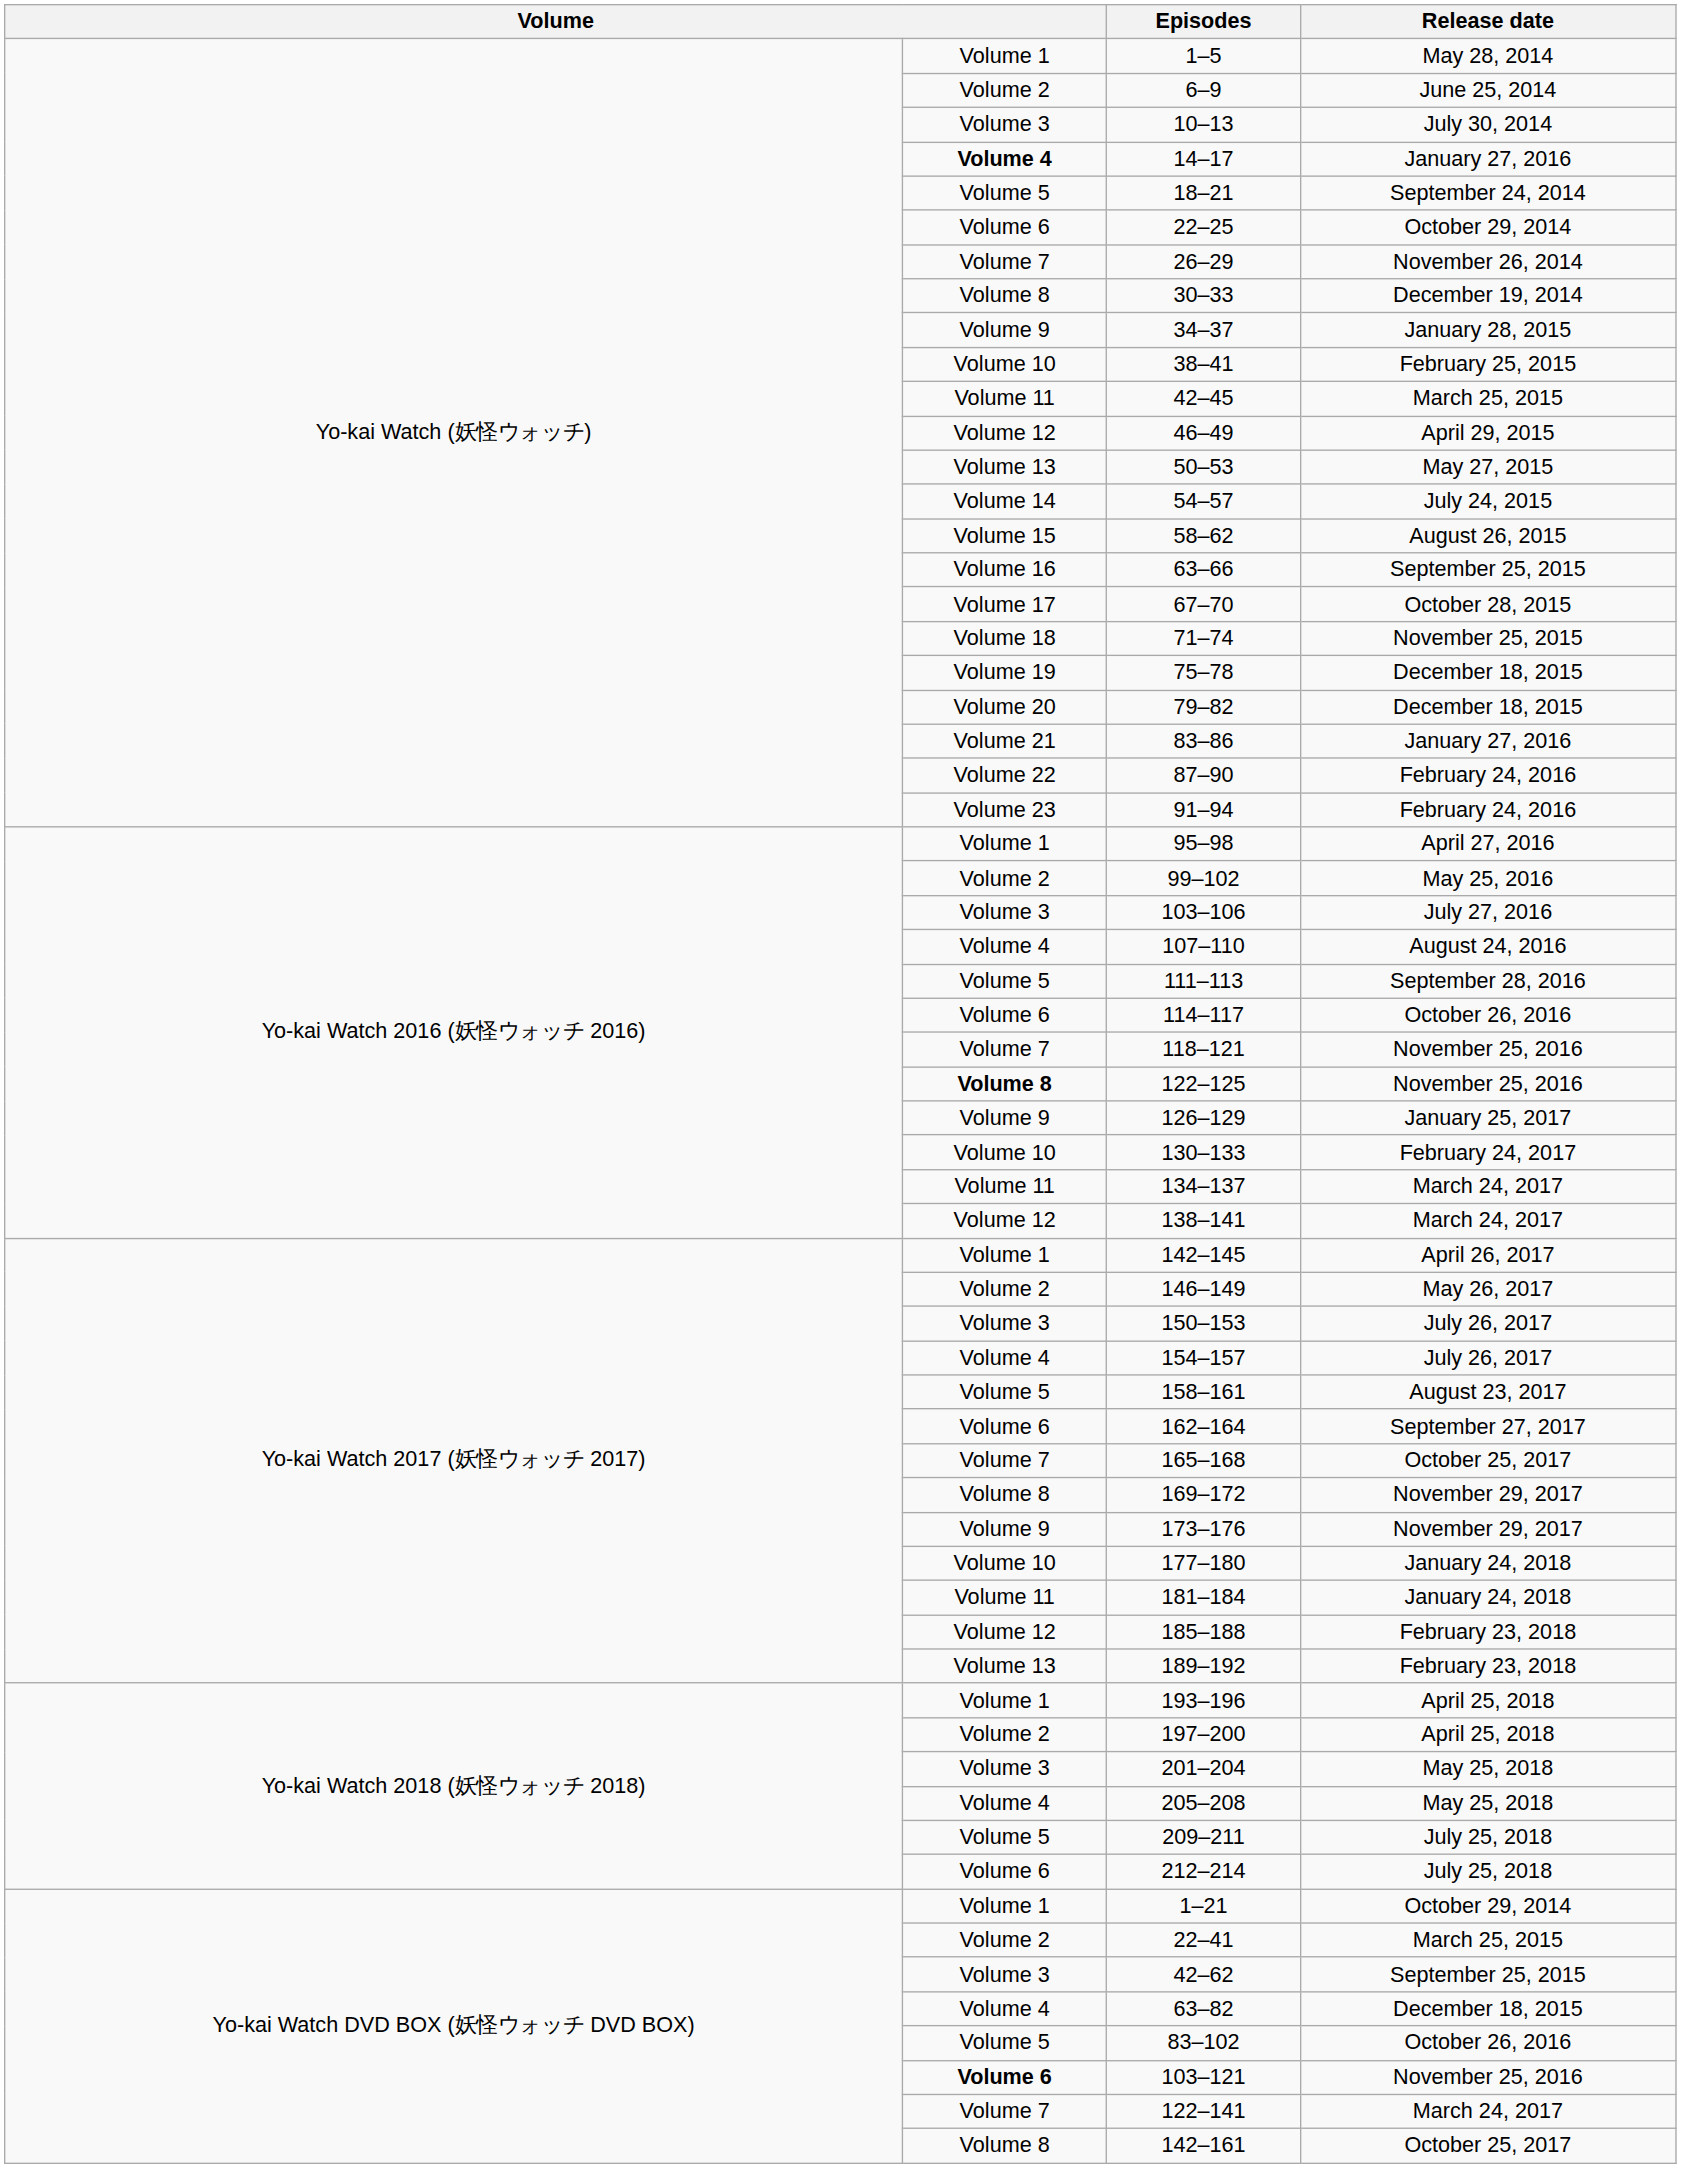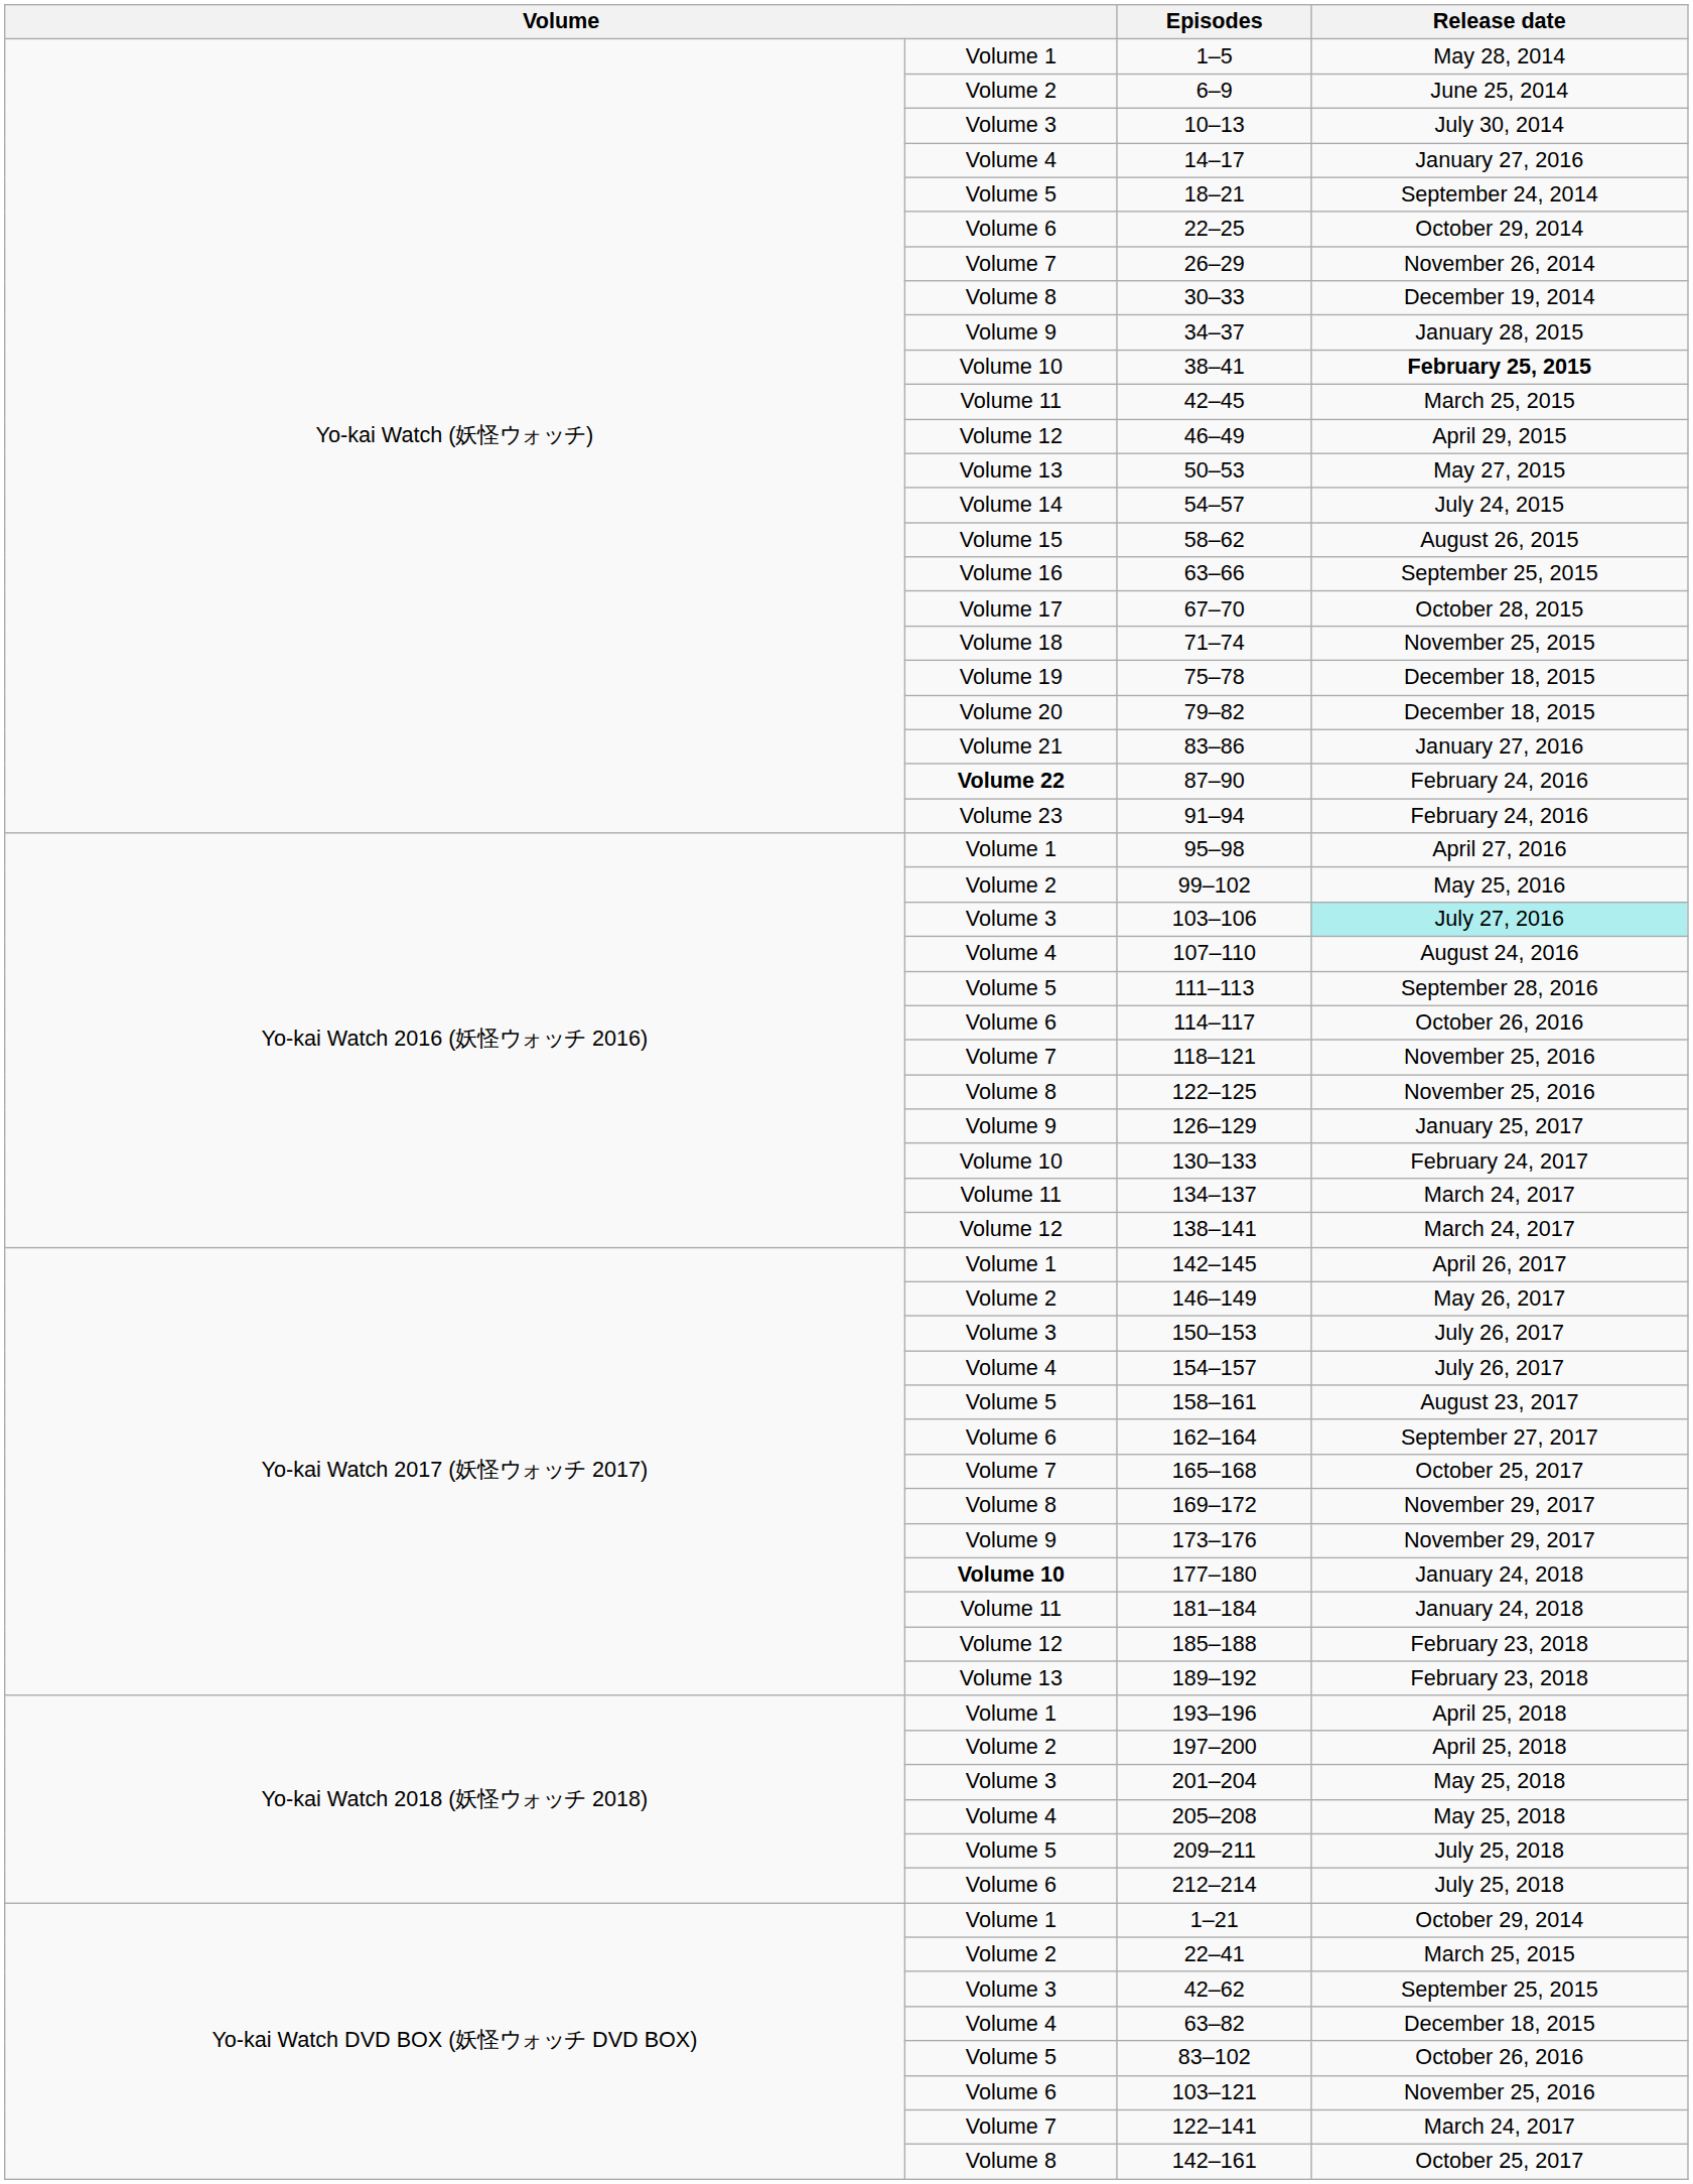 <table class="wikitable" style="text-align: center; width: 98%;">
 <tr>
 <th colspan="2">Volume</th>
 <th>Episodes</th>
 <th>Release date</th>
 </tr>
 <tr>
 <td rowspan="23">Yo-kai Watch (妖怪ウォッチ)</td>
 <td>Volume 1</td>
 <td>1–5</td>
 <td>May 28, 2014</td>
 </tr>
 <tr>
 <td>Volume 2</td>
 <td>6–9</td>
 <td>June 25, 2014</td>
 </tr>
 <tr>
 <td>Volume 3</td>
 <td>10–13</td>
 <td>July 30, 2014</td>
 </tr>
 <tr>
-<td><strong>Volume 4</strong></td>
+<td>Volume 4</td>
 <td>14–17</td>
 <td>January 27, 2016</td>
 </tr>
 <tr>
 <td>Volume 5</td>
 <td>18–21</td>
 <td>September 24, 2014</td>
 </tr>
 <tr>
 <td>Volume 6</td>
 <td>22–25</td>
 <td>October 29, 2014</td>
 </tr>
 <tr>
 <td>Volume 7</td>
 <td>26–29</td>
 <td>November 26, 2014</td>
 </tr>
 <tr>
 <td>Volume 8</td>
 <td>30–33</td>
 <td>December 19, 2014</td>
 </tr>
 <tr>
 <td>Volume 9</td>
 <td>34–37</td>
 <td>January 28, 2015</td>
 </tr>
 <tr>
 <td>Volume 10</td>
 <td>38–41</td>
-<td>February 25, 2015</td>
+<td><strong>February 25, 2015</strong></td>
 </tr>
 <tr>
 <td>Volume 11</td>
 <td>42–45</td>
 <td>March 25, 2015</td>
 </tr>
 <tr>
 <td>Volume 12</td>
 <td>46–49</td>
 <td>April 29, 2015</td>
 </tr>
 <tr>
 <td>Volume 13</td>
 <td>50–53</td>
 <td>May 27, 2015</td>
 </tr>
 <tr>
 <td>Volume 14</td>
 <td>54–57</td>
 <td>July 24, 2015</td>
 </tr>
 <tr>
 <td>Volume 15</td>
 <td>58–62</td>
 <td>August 26, 2015</td>
 </tr>
 <tr>
 <td>Volume 16</td>
 <td>63–66</td>
 <td>September 25, 2015</td>
 </tr>
 <tr>
 <td>Volume 17</td>
 <td>67–70</td>
 <td>October 28, 2015</td>
 </tr>
 <tr>
 <td>Volume 18</td>
 <td>71–74</td>
 <td>November 25, 2015</td>
 </tr>
 <tr>
 <td>Volume 19</td>
 <td>75–78</td>
 <td>December 18, 2015</td>
 </tr>
 <tr>
 <td>Volume 20</td>
 <td>79–82</td>
 <td>December 18, 2015</td>
 </tr>
 <tr>
 <td>Volume 21</td>
 <td>83–86</td>
 <td>January 27, 2016</td>
 </tr>
 <tr>
-<td>Volume 22</td>
+<td><strong>Volume 22</strong></td>
 <td>87–90</td>
 <td>February 24, 2016</td>
 </tr>
 <tr>
 <td>Volume 23</td>
 <td>91–94</td>
 <td>February 24, 2016</td>
 </tr>
 <tr>
 <td rowspan="12">Yo-kai Watch 2016 (妖怪ウォッチ 2016)</td>
 <td>Volume 1</td>
 <td>95–98</td>
 <td>April 27, 2016</td>
 </tr>
 <tr>
 <td>Volume 2</td>
 <td>99–102</td>
 <td>May 25, 2016</td>
 </tr>
 <tr>
 <td>Volume 3</td>
 <td>103–106</td>
-<td>July 27, 2016</td>
+<td style="background: paleturquoise;">July 27, 2016</td>
 </tr>
 <tr>
 <td>Volume 4</td>
 <td>107–110</td>
 <td>August 24, 2016</td>
 </tr>
 <tr>
 <td>Volume 5</td>
 <td>111–113</td>
 <td>September 28, 2016</td>
 </tr>
 <tr>
 <td>Volume 6</td>
 <td>114–117</td>
 <td>October 26, 2016</td>
 </tr>
 <tr>
 <td>Volume 7</td>
 <td>118–121</td>
 <td>November 25, 2016</td>
 </tr>
 <tr>
-<td><strong>Volume 8</strong></td>
+<td>Volume 8</td>
 <td>122–125</td>
 <td>November 25, 2016</td>
 </tr>
 <tr>
 <td>Volume 9</td>
 <td>126–129</td>
 <td>January 25, 2017</td>
 </tr>
 <tr>
 <td>Volume 10</td>
 <td>130–133</td>
 <td>February 24, 2017</td>
 </tr>
 <tr>
 <td>Volume 11</td>
 <td>134–137</td>
 <td>March 24, 2017</td>
 </tr>
 <tr>
 <td>Volume 12</td>
 <td>138–141</td>
 <td>March 24, 2017</td>
 </tr>
 <tr>
 <td rowspan="13">Yo-kai Watch 2017 (妖怪ウォッチ 2017)</td>
 <td>Volume 1</td>
 <td>142–145</td>
 <td>April 26, 2017</td>
 </tr>
 <tr>
 <td>Volume 2</td>
 <td>146–149</td>
 <td>May 26, 2017</td>
 </tr>
 <tr>
 <td>Volume 3</td>
 <td>150–153</td>
 <td>July 26, 2017</td>
 </tr>
 <tr>
 <td>Volume 4</td>
 <td>154–157</td>
 <td>July 26, 2017</td>
 </tr>
 <tr>
 <td>Volume 5</td>
 <td>158–161</td>
 <td>August 23, 2017</td>
 </tr>
 <tr>
 <td>Volume 6</td>
 <td>162–164</td>
 <td>September 27, 2017</td>
 </tr>
 <tr>
 <td>Volume 7</td>
 <td>165–168</td>
 <td>October 25, 2017</td>
 </tr>
 <tr>
 <td>Volume 8</td>
 <td>169–172</td>
 <td>November 29, 2017</td>
 </tr>
 <tr>
 <td>Volume 9</td>
 <td>173–176</td>
 <td>November 29, 2017</td>
 </tr>
 <tr>
-<td>Volume 10</td>
+<td><strong>Volume 10</strong></td>
 <td>177–180</td>
 <td>January 24, 2018</td>
 </tr>
 <tr>
 <td>Volume 11</td>
 <td>181–184</td>
 <td>January 24, 2018</td>
 </tr>
 <tr>
 <td>Volume 12</td>
 <td>185–188</td>
 <td>February 23, 2018</td>
 </tr>
 <tr>
 <td>Volume 13</td>
 <td>189–192</td>
 <td>February 23, 2018</td>
 </tr>
 <tr>
 <td rowspan="6">Yo-kai Watch 2018 (妖怪ウォッチ 2018)</td>
 <td>Volume 1</td>
 <td>193–196</td>
 <td>April 25, 2018</td>
 </tr>
 <tr>
 <td>Volume 2</td>
 <td>197–200</td>
 <td>April 25, 2018</td>
 </tr>
 <tr>
 <td>Volume 3</td>
 <td>201–204</td>
 <td>May 25, 2018</td>
 </tr>
 <tr>
 <td>Volume 4</td>
 <td>205–208</td>
 <td>May 25, 2018</td>
 </tr>
 <tr>
 <td>Volume 5</td>
 <td>209–211</td>
 <td>July 25, 2018</td>
 </tr>
 <tr>
 <td>Volume 6</td>
 <td>212–214</td>
 <td>July 25, 2018</td>
 </tr>
 <tr>
 <td rowspan="8">Yo-kai Watch DVD BOX (妖怪ウォッチ DVD BOX)</td>
 <td>Volume 1</td>
 <td>1–21</td>
 <td>October 29, 2014</td>
 </tr>
 <tr>
 <td>Volume 2</td>
 <td>22–41</td>
 <td>March 25, 2015</td>
 </tr>
 <tr>
 <td>Volume 3</td>
 <td>42–62</td>
 <td>September 25, 2015</td>
 </tr>
 <tr>
 <td>Volume 4</td>
 <td>63–82</td>
 <td>December 18, 2015</td>
 </tr>
 <tr>
 <td>Volume 5</td>
 <td>83–102</td>
 <td>October 26, 2016</td>
 </tr>
 <tr>
-<td><strong>Volume 6</strong></td>
+<td>Volume 6</td>
 <td>103–121</td>
 <td>November 25, 2016</td>
 </tr>
 <tr>
 <td>Volume 7</td>
 <td>122–141</td>
 <td>March 24, 2017</td>
 </tr>
 <tr>
 <td>Volume 8</td>
 <td>142–161</td>
 <td>October 25, 2017</td>
 </tr>
 </table>
